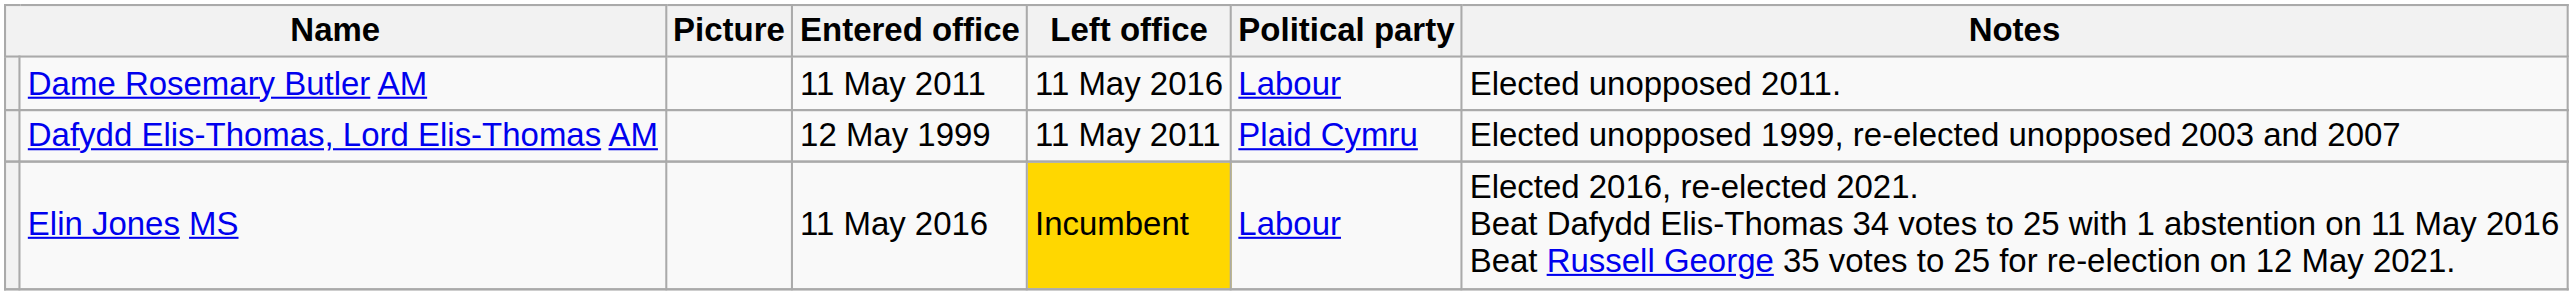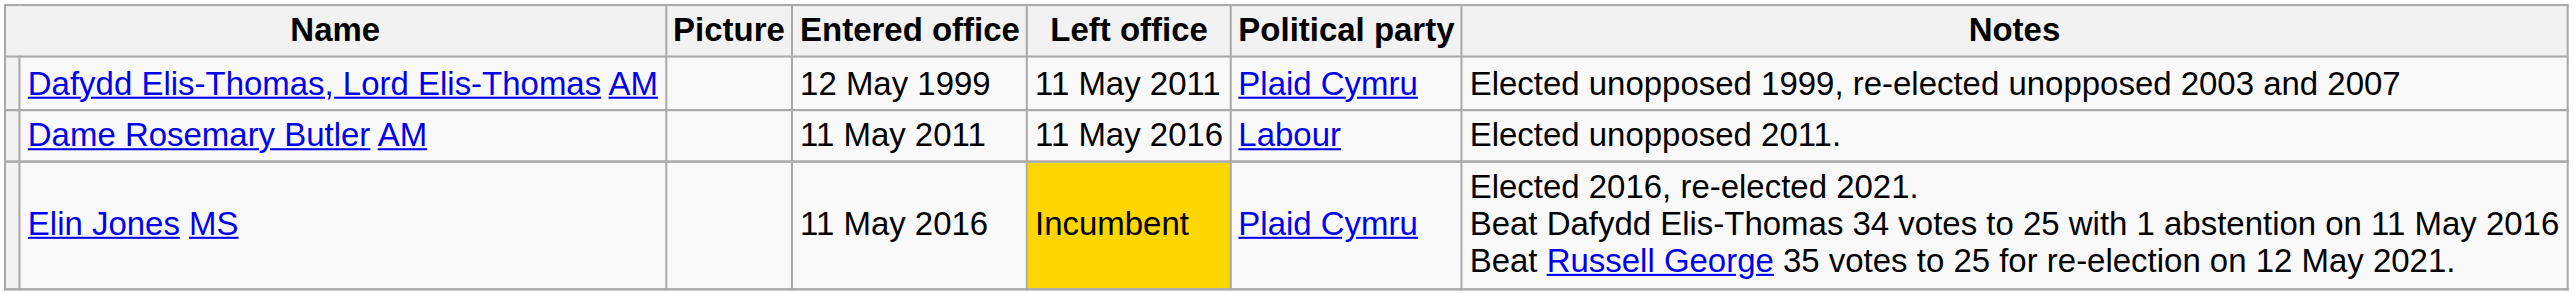 <table class="wikitable".>
 <tr>
 <th colspan=2>Name</th>
 <th>Picture</th>
 <th>Entered office</th>
 <th>Left office</th>
 <th>Political party</th>
 <th>Notes</th>
+</tr>
+<tr>
+<th style="background-color:"></th>
+<td><a href='#'>Dafydd Elis-Thomas, Lord Elis-Thomas</a>  <a href='#'>AM</a></td>
+<td></td>
+<td>12 May 1999</td>
+<td>11 May 2011</td>
+<td><a href='#'>Plaid Cymru</a></td>
+<td>Elected unopposed 1999, re-elected unopposed 2003 and 2007</td>
+</tr>
+<tr>
 </tr>
 <tr>
 <th style="background-color:"></th>
 <td><a href='#'>Dame Rosemary Butler</a> <a href='#'>AM</a></td>
 <td></td>
 <td>11 May 2011</td>
 <td>11 May 2016</td>
 <td><a href='#'>Labour</a></td>
 <td>Elected unopposed 2011.</td>
 </tr>
 <tr>
 </tr>
 <tr>
 <th style="background-color:"></th>
-<td><a href='#'>Dafydd Elis-Thomas, Lord Elis-Thomas</a>  <a href='#'>AM</a></td>
-<td></td>
-<td>12 May 1999</td>
-<td>11 May 2011</td>
-<td><a href='#'>Plaid Cymru</a></td>
-<td>Elected unopposed 1999, re-elected unopposed 2003 and 2007</td>
-</tr>
-<tr>
-</tr>
-<tr>
-<th style="background-color:"></th>
 <td><a href='#'>Elin Jones</a> <a href='#'>MS</a></td>
 <td></td>
 <td>11 May 2016</td>
 <td style="background: gold;">Incumbent</td>
-<td><a href='#'>Labour</a></td>
+<td><a href='#'>Plaid Cymru</a></td>
 <td>Elected 2016, re-elected 2021.<br>Beat Dafydd Elis-Thomas 34 votes to 25 with 1 abstention on 11 May 2016<br> Beat <a href='#'>Russell George</a> 35 votes to 25 for re-election on 12 May 2021.</td>
 </tr>
 <tr>
 </tr>
 </table>
